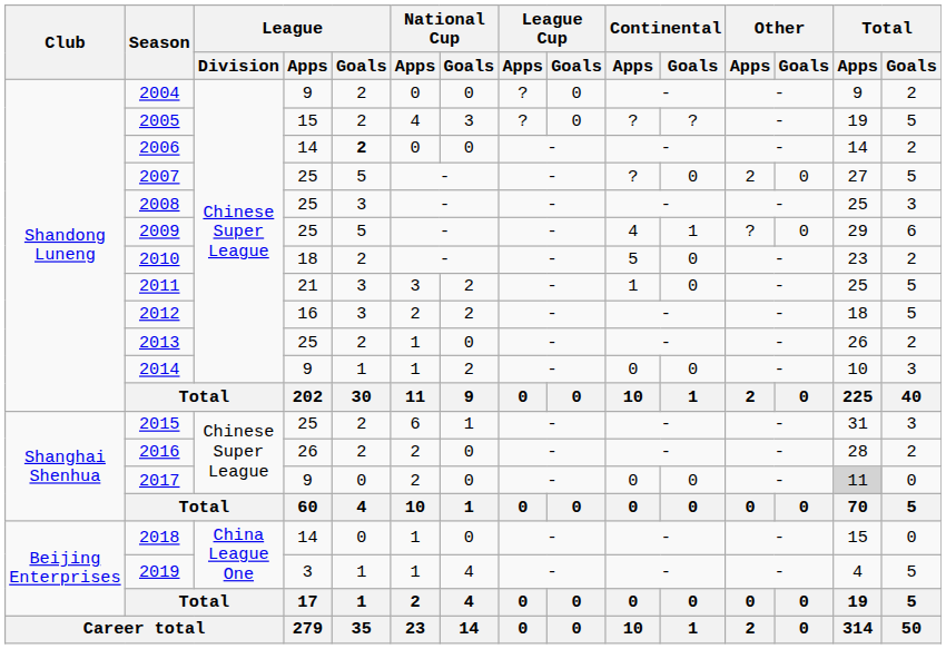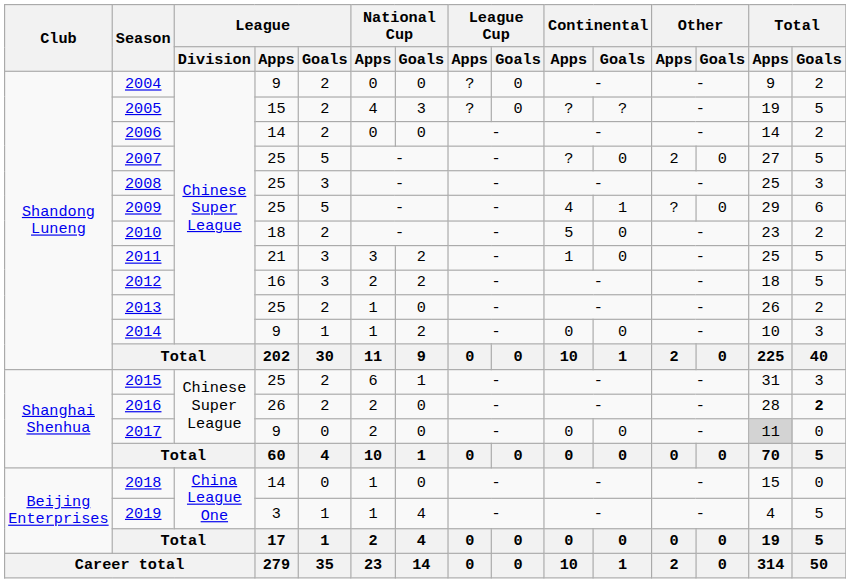 <table class="wikitable" style="text-align: center">
 <tr>
 <th rowspan="2">Club</th>
 <th rowspan="2">Season</th>
 <th colspan="3">League</th>
 <th colspan="2">National Cup</th>
 <th colspan="2">League Cup</th>
 <th colspan="2">Continental</th>
 <th colspan="2">Other</th>
 <th colspan="2">Total</th>
 </tr>
 <tr>
 <th>Division</th>
 <th>Apps</th>
 <th>Goals</th>
 <th>Apps</th>
 <th>Goals</th>
 <th>Apps</th>
 <th>Goals</th>
 <th>Apps</th>
 <th>Goals</th>
 <th>Apps</th>
 <th>Goals</th>
 <th>Apps</th>
 <th>Goals</th>
 </tr>
 <tr>
 <td rowspan=12><a href='#'>Shandong Luneng</a></td>
 <td><a href='#'>2004</a></td>
 <td rowspan=11><a href='#'>Chinese Super League</a></td>
 <td>9</td>
 <td>2</td>
 <td>0</td>
 <td>0</td>
 <td>?</td>
 <td>0</td>
 <td colspan="2">-</td>
 <td colspan="2">-</td>
 <td>9</td>
 <td>2</td>
 </tr>
 <tr>
 <td><a href='#'>2005</a></td>
 <td>15</td>
 <td>2</td>
 <td>4</td>
 <td>3</td>
 <td>?</td>
 <td>0</td>
 <td>?</td>
 <td>?</td>
 <td colspan="2">-</td>
 <td>19</td>
 <td>5</td>
 </tr>
 <tr>
 <td><a href='#'>2006</a></td>
 <td>14</td>
-<td><strong>2</strong></td>
+<td>2</td>
 <td>0</td>
 <td>0</td>
 <td colspan="2">-</td>
 <td colspan="2">-</td>
 <td colspan="2">-</td>
 <td>14</td>
 <td>2</td>
 </tr>
 <tr>
 <td><a href='#'>2007</a></td>
 <td>25</td>
 <td>5</td>
 <td colspan="2">-</td>
 <td colspan="2">-</td>
 <td>?</td>
 <td>0</td>
 <td>2</td>
 <td>0</td>
 <td>27</td>
 <td>5</td>
 </tr>
 <tr>
 <td><a href='#'>2008</a></td>
 <td>25</td>
 <td>3</td>
 <td colspan="2">-</td>
 <td colspan="2">-</td>
 <td colspan="2">-</td>
 <td colspan="2">-</td>
 <td>25</td>
 <td>3</td>
 </tr>
 <tr>
 <td><a href='#'>2009</a></td>
 <td>25</td>
 <td>5</td>
 <td colspan="2">-</td>
 <td colspan="2">-</td>
 <td>4</td>
 <td>1</td>
 <td>?</td>
 <td>0</td>
 <td>29</td>
 <td>6</td>
 </tr>
 <tr>
 <td><a href='#'>2010</a></td>
 <td>18</td>
 <td>2</td>
 <td colspan="2">-</td>
 <td colspan="2">-</td>
 <td>5</td>
 <td>0</td>
 <td colspan="2">-</td>
 <td>23</td>
 <td>2</td>
 </tr>
 <tr>
 <td><a href='#'>2011</a></td>
 <td>21</td>
 <td>3</td>
 <td>3</td>
 <td>2</td>
 <td colspan="2">-</td>
 <td>1</td>
 <td>0</td>
 <td colspan="2">-</td>
 <td>25</td>
 <td>5</td>
 </tr>
 <tr>
 <td><a href='#'>2012</a></td>
 <td>16</td>
 <td>3</td>
 <td>2</td>
 <td>2</td>
 <td colspan="2">-</td>
 <td colspan="2">-</td>
 <td colspan="2">-</td>
 <td>18</td>
 <td>5</td>
 </tr>
 <tr>
 <td><a href='#'>2013</a></td>
 <td>25</td>
 <td>2</td>
 <td>1</td>
 <td>0</td>
 <td colspan="2">-</td>
 <td colspan="2">-</td>
 <td colspan="2">-</td>
 <td>26</td>
 <td>2</td>
 </tr>
 <tr>
 <td><a href='#'>2014</a></td>
 <td>9</td>
 <td>1</td>
 <td>1</td>
 <td>2</td>
 <td colspan="2">-</td>
 <td>0</td>
 <td>0</td>
 <td colspan="2">-</td>
 <td>10</td>
 <td>3</td>
 </tr>
 <tr>
 <th colspan="2">Total</th>
 <th>202</th>
 <th>30</th>
 <th>11</th>
 <th>9</th>
 <th>0</th>
 <th>0</th>
 <th>10</th>
 <th>1</th>
 <th>2</th>
 <th>0</th>
 <th>225</th>
 <th>40</th>
 </tr>
 <tr>
 <td rowspan=4><a href='#'>Shanghai Shenhua</a></td>
 <td><a href='#'>2015</a></td>
 <td rowspan=3>Chinese Super League</td>
 <td>25</td>
 <td>2</td>
 <td>6</td>
 <td>1</td>
 <td colspan="2">-</td>
 <td colspan="2">-</td>
 <td colspan="2">-</td>
 <td>31</td>
 <td>3</td>
 </tr>
 <tr>
 <td><a href='#'>2016</a></td>
 <td>26</td>
 <td>2</td>
 <td>2</td>
 <td>0</td>
 <td colspan="2">-</td>
 <td colspan="2">-</td>
 <td colspan="2">-</td>
 <td>28</td>
-<td>2</td>
+<td><strong>2</strong></td>
 </tr>
 <tr>
 <td><a href='#'>2017</a></td>
 <td>9</td>
 <td>0</td>
 <td>2</td>
 <td>0</td>
 <td colspan="2">-</td>
 <td>0</td>
 <td>0</td>
 <td colspan="2">-</td>
 <td style="background: lightgrey;">11</td>
 <td>0</td>
 </tr>
 <tr>
 <th colspan="2">Total</th>
 <th>60</th>
 <th>4</th>
 <th>10</th>
 <th>1</th>
 <th>0</th>
 <th>0</th>
 <th>0</th>
 <th>0</th>
 <th>0</th>
 <th>0</th>
 <th>70</th>
 <th>5</th>
 </tr>
 <tr>
 <td rowspan=3><a href='#'>Beijing Enterprises</a></td>
 <td><a href='#'>2018</a></td>
 <td rowspan=2><a href='#'>China League One</a></td>
 <td>14</td>
 <td>0</td>
 <td>1</td>
 <td>0</td>
 <td colspan="2">-</td>
 <td colspan="2">-</td>
 <td colspan="2">-</td>
 <td>15</td>
 <td>0</td>
 </tr>
 <tr>
 <td><a href='#'>2019</a></td>
 <td>3</td>
 <td>1</td>
 <td>1</td>
 <td>4</td>
 <td colspan="2">-</td>
 <td colspan="2">-</td>
 <td colspan="2">-</td>
 <td>4</td>
 <td>5</td>
 </tr>
 <tr>
 <th colspan="2">Total</th>
 <th>17</th>
 <th>1</th>
 <th>2</th>
 <th>4</th>
 <th>0</th>
 <th>0</th>
 <th>0</th>
 <th>0</th>
 <th>0</th>
 <th>0</th>
 <th>19</th>
 <th>5</th>
 </tr>
 <tr>
 <th colspan=3>Career total</th>
 <th>279</th>
 <th>35</th>
 <th>23</th>
 <th>14</th>
 <th>0</th>
 <th>0</th>
 <th>10</th>
 <th>1</th>
 <th>2</th>
 <th>0</th>
 <th>314</th>
 <th>50</th>
 </tr>
 </table>
